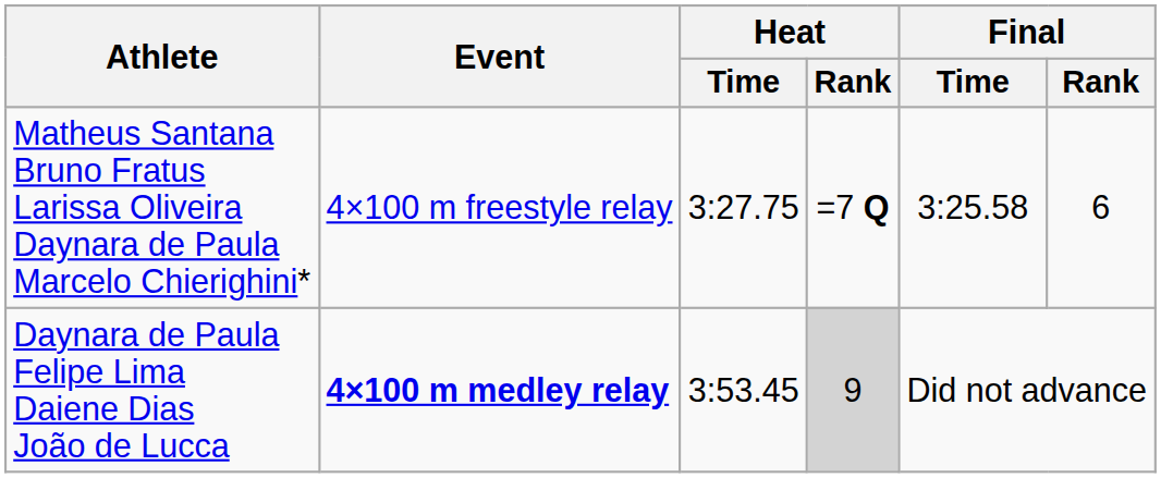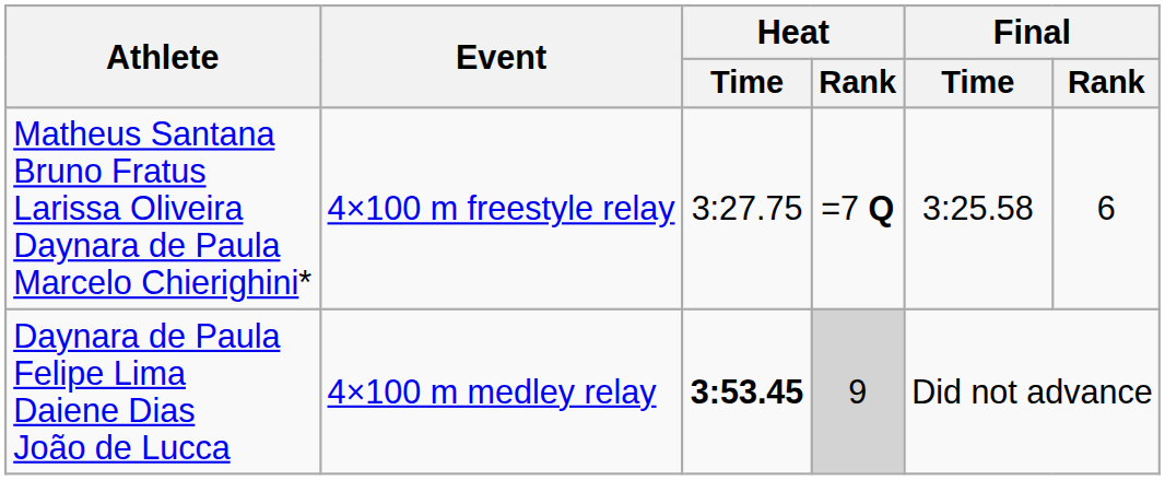 <table class=wikitable style="font-size:90%">
 <tr>
 <th rowspan="2">Athlete</th>
 <th rowspan="2">Event</th>
 <th colspan="2">Heat</th>
 <th colspan="2">Final</th>
 </tr>
 <tr style="font-size:95%">
 <th>Time</th>
 <th>Rank</th>
 <th>Time</th>
 <th>Rank</th>
 </tr>
 <tr align=center>
 <td align=left><a href='#'>Matheus Santana</a><br><a href='#'>Bruno Fratus</a><br><a href='#'>Larissa Oliveira</a><br><a href='#'>Daynara de Paula</a><br><a href='#'>Marcelo Chierighini</a>*</td>
 <td align=left><a href='#'>4×100 m freestyle relay</a></td>
 <td>3:27.75</td>
 <td>=7 <strong>Q</strong></td>
 <td>3:25.58</td>
 <td>6</td>
 </tr>
 <tr align=center>
 <td align=left><a href='#'>Daynara de Paula</a><br><a href='#'>Felipe Lima</a><br><a href='#'>Daiene Dias</a><br><a href='#'>João de Lucca</a></td>
-<td align=left><strong><a href='#'>4×100 m medley relay</a></strong></td>
-<td>3:53.45</td>
+<td align=left><a href='#'>4×100 m medley relay</a></td>
+<td><strong>3:53.45</strong></td>
 <td style="background: lightgrey;">9</td>
 <td colspan=2>Did not advance</td>
 </tr>
 </table>
